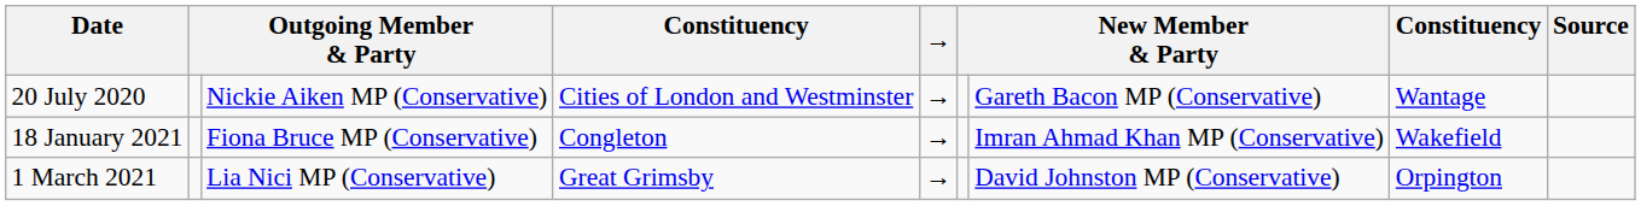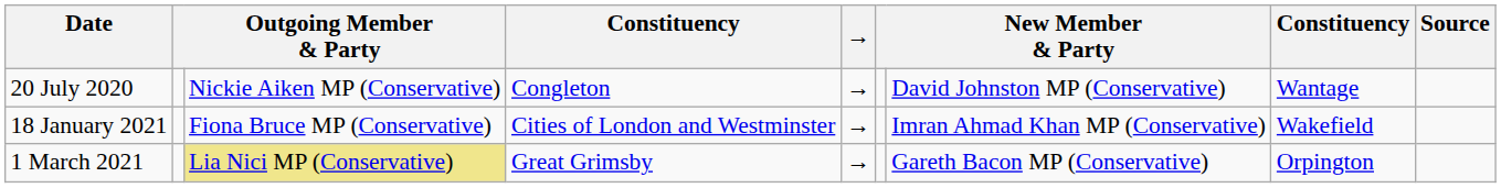 <table class="wikitable">
 <tr>
 <th valign="top">Date</th>
 <th colspan="2" valign="top">Outgoing Member<br>& Party</th>
 <th valign="top">Constituency</th>
 <th>→</th>
 <th colspan="2" valign="top">New Member<br>& Party</th>
 <th valign="top">Constituency</th>
 <th valign="top">Source</th>
 </tr>
 <tr>
 <td nowrap>20 July 2020</td>
 <td style="color:inherit;background:"></td>
 <td><a href='#'>Nickie Aiken</a> MP (<a href='#'>Conservative</a>)</td>
-<td><a href='#'>Cities of London and Westminster</a></td>
+<td><a href='#'>Congleton</a></td>
 <td>→</td>
 <td style="color:inherit;background:"></td>
-<td><a href='#'>Gareth Bacon</a> MP (<a href='#'>Conservative</a>)</td>
+<td><a href='#'>David Johnston</a> MP (<a href='#'>Conservative</a>)</td>
 <td><a href='#'>Wantage</a></td>
 <td></td>
 </tr>
 <tr>
 <td nowrap>18 January 2021</td>
 <td style="color:inherit;background:"></td>
 <td><a href='#'>Fiona Bruce</a> MP (<a href='#'>Conservative</a>)</td>
-<td><a href='#'>Congleton</a></td>
+<td><a href='#'>Cities of London and Westminster</a></td>
 <td>→</td>
 <td style="color:inherit;background:"></td>
 <td><a href='#'>Imran Ahmad Khan</a> MP (<a href='#'>Conservative</a>)</td>
 <td><a href='#'>Wakefield</a></td>
 <td></td>
 </tr>
 <tr>
 <td nowrap>1 March 2021</td>
 <td style="color:inherit;background:"></td>
-<td><a href='#'>Lia Nici</a> MP (<a href='#'>Conservative</a>)</td>
+<td style="background: khaki;"><a href='#'>Lia Nici</a> MP (<a href='#'>Conservative</a>)</td>
 <td><a href='#'>Great Grimsby</a></td>
 <td>→</td>
 <td style="color:inherit;background:"></td>
-<td><a href='#'>David Johnston</a> MP (<a href='#'>Conservative</a>)</td>
+<td><a href='#'>Gareth Bacon</a> MP (<a href='#'>Conservative</a>)</td>
 <td><a href='#'>Orpington</a></td>
 <td></td>
 </tr>
 </table>
